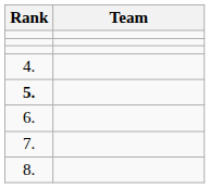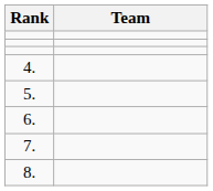 <table class="wikitable" style="text-align: center;">
 <tr>
 <th width=40>Rank</th>
 <th width=140>Team</th>
 </tr>
 <tr>
 <td></td>
 <td style="text-align:left;"></td>
 </tr>
 <tr>
 <td></td>
 <td style="text-align:left;"></td>
 </tr>
 <tr>
 <td></td>
 <td style="text-align:left;"></td>
 </tr>
 <tr>
 <td>4.</td>
 <td style="text-align:left;"></td>
 </tr>
 <tr>
-<td><strong>5.</strong></td>
+<td>5.</td>
 <td style="text-align:left;"></td>
 </tr>
 <tr>
 <td>6.</td>
 <td style="text-align:left;"></td>
 </tr>
 <tr>
 <td>7.</td>
 <td style="text-align:left;"></td>
 </tr>
 <tr>
 <td>8.</td>
 <td style="text-align:left;"></td>
 </tr>
 </table>
